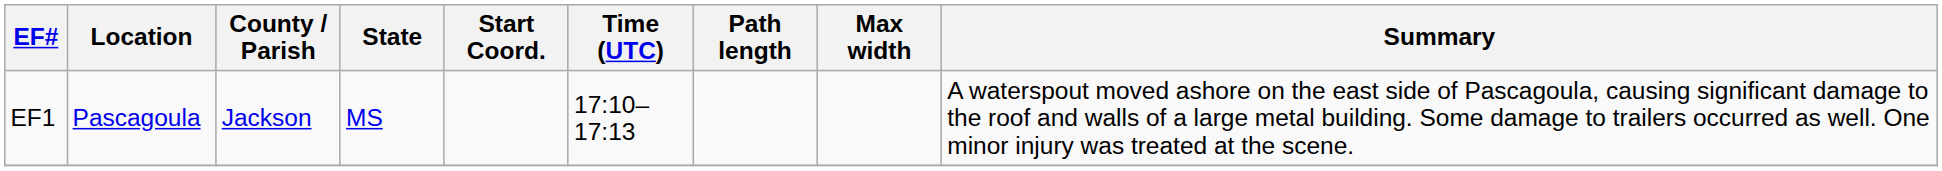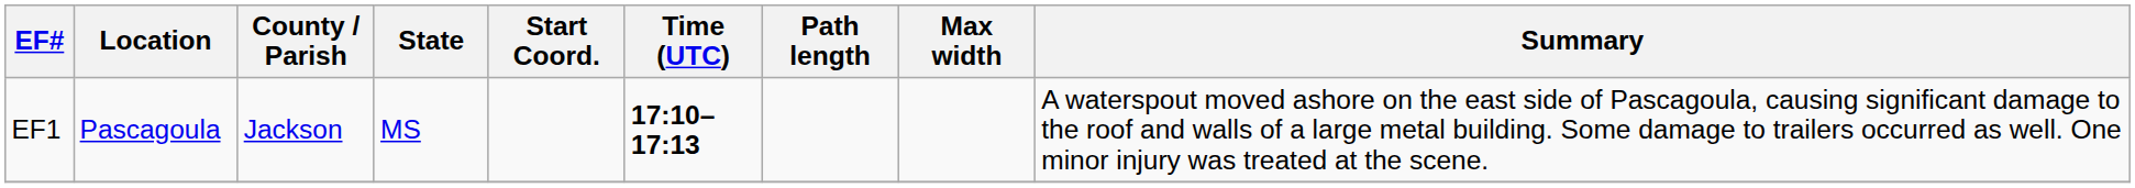 <table class="wikitable sortable" style="width:100%;">
 <tr>
 <th scope="col"  style="width:3%; text-align:center;"><a href='#'>EF#</a></th>
 <th scope="col"  style="width:7%; text-align:center;" class="unsortable">Location</th>
 <th scope="col"  style="width:6%; text-align:center;" class="unsortable">County / Parish</th>
 <th scope="col"  style="width:5%; text-align:center;">State</th>
 <th scope="col"  style="width:6%; text-align:center;">Start Coord.</th>
 <th scope="col"  style="width:6%; text-align:center;">Time (<a href='#'>UTC</a>)</th>
 <th scope="col"  style="width:6%; text-align:center;">Path length</th>
 <th scope="col"  style="width:6%; text-align:center;">Max width</th>
 <th scope="col" class="unsortable" style="width:48%; text-align:center;">Summary</th>
 </tr>
 <tr>
 <td>EF1</td>
 <td><a href='#'>Pascagoula</a></td>
 <td><a href='#'>Jackson</a></td>
 <td><a href='#'>MS</a></td>
 <td></td>
-<td>17:10–17:13</td>
+<td><strong>17:10–17:13</strong></td>
 <td></td>
 <td></td>
 <td>A waterspout moved ashore on the east side of Pascagoula, causing significant damage to the roof and walls of a large metal building. Some damage to trailers occurred as well. One minor injury was treated at the scene.</td>
 </tr>
 <tr>
 </tr>
 </table>
